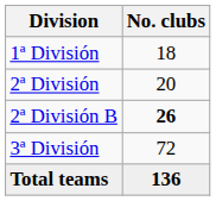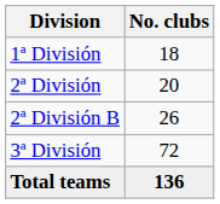 <table class="wikitable">
 <tr>
 <th>Division</th>
 <th>No. clubs</th>
 </tr>
 <tr>
 <td><a href='#'>1ª División</a></td>
 <td align=center>18</td>
 </tr>
 <tr>
 <td><a href='#'>2ª División</a></td>
 <td align=center>20</td>
 </tr>
 <tr>
 <td><a href='#'>2ª División B</a></td>
-<td align=center><strong>26</strong></td>
+<td align=center>26</td>
 </tr>
 <tr>
 <td><a href='#'>3ª División</a></td>
 <td align=center>72</td>
 </tr>
 <tr style="background:#efefef; font-weight:bold;">
 <td>Total teams</td>
 <td align=center>136</td>
 </tr>
 </table>
